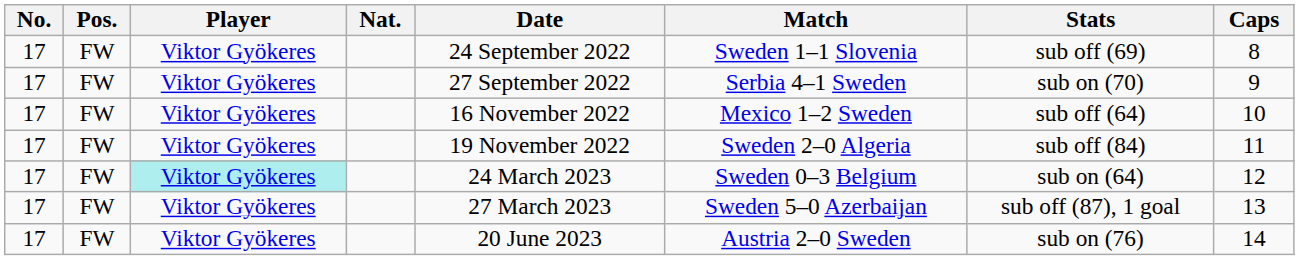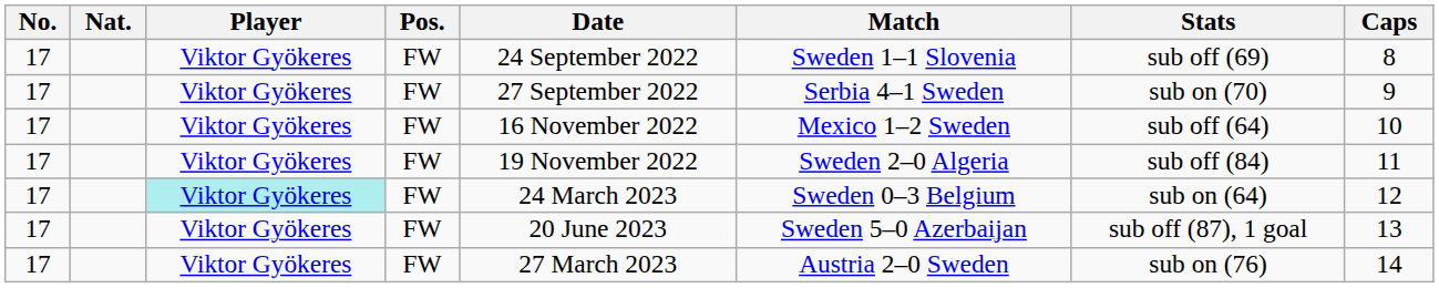 <table class="wikitable sortable alternance" style="font-size:100%; text-align:center; line-height:14px; width:100%;">
 <tr>
 <th>No.</th>
+<th>Nat.</th>
+<th>Player</th>
 <th>Pos.</th>
-<th>Player</th>
-<th>Nat.</th>
 <th>Date</th>
 <th>Match</th>
 <th>Stats</th>
 <th>Caps</th>
 </tr>
 <tr>
 <td>17</td>
+<td></td>
+<td><a href='#'>Viktor Gyökeres</a></td>
 <td>FW</td>
-<td><a href='#'>Viktor Gyökeres</a></td>
-<td></td>
 <td>24 September 2022</td>
 <td><a href='#'>Sweden</a> 1–1 <a href='#'>Slovenia</a></td>
 <td>sub off (69)</td>
 <td>8</td>
 </tr>
 <tr>
 <td>17</td>
+<td></td>
+<td><a href='#'>Viktor Gyökeres</a></td>
 <td>FW</td>
-<td><a href='#'>Viktor Gyökeres</a></td>
-<td></td>
 <td>27 September 2022</td>
 <td><a href='#'>Serbia</a> 4–1 <a href='#'>Sweden</a></td>
 <td>sub on (70)</td>
 <td>9</td>
 </tr>
 <tr>
 <td>17</td>
+<td></td>
+<td><a href='#'>Viktor Gyökeres</a></td>
 <td>FW</td>
-<td><a href='#'>Viktor Gyökeres</a></td>
-<td></td>
 <td>16 November 2022</td>
 <td><a href='#'>Mexico</a> 1–2 <a href='#'>Sweden</a></td>
 <td>sub off (64)</td>
 <td>10</td>
 </tr>
 <tr>
 <td>17</td>
+<td></td>
+<td><a href='#'>Viktor Gyökeres</a></td>
 <td>FW</td>
-<td><a href='#'>Viktor Gyökeres</a></td>
-<td></td>
 <td>19 November 2022</td>
 <td><a href='#'>Sweden</a> 2–0 <a href='#'>Algeria</a></td>
 <td>sub off (84)</td>
 <td>11</td>
 </tr>
 <tr>
 <td>17</td>
+<td></td>
+<td style="background: paleturquoise;"><a href='#'>Viktor Gyökeres</a></td>
 <td>FW</td>
-<td style="background: paleturquoise;"><a href='#'>Viktor Gyökeres</a></td>
-<td></td>
 <td>24 March 2023</td>
 <td><a href='#'>Sweden</a> 0–3 <a href='#'>Belgium</a></td>
 <td>sub on (64)</td>
 <td>12</td>
 </tr>
 <tr>
 <td>17</td>
+<td></td>
+<td><a href='#'>Viktor Gyökeres</a></td>
 <td>FW</td>
-<td><a href='#'>Viktor Gyökeres</a></td>
-<td></td>
-<td>27 March 2023</td>
+<td>20 June 2023</td>
 <td><a href='#'>Sweden</a> 5–0 <a href='#'>Azerbaijan</a></td>
 <td>sub off (87), 1 goal</td>
 <td>13</td>
 </tr>
 <tr>
 <td>17</td>
+<td></td>
+<td><a href='#'>Viktor Gyökeres</a></td>
 <td>FW</td>
-<td><a href='#'>Viktor Gyökeres</a></td>
-<td></td>
-<td>20 June 2023</td>
+<td>27 March 2023</td>
 <td><a href='#'>Austria</a> 2–0 <a href='#'>Sweden</a></td>
 <td>sub on (76)</td>
 <td>14</td>
 </tr>
 </table>
